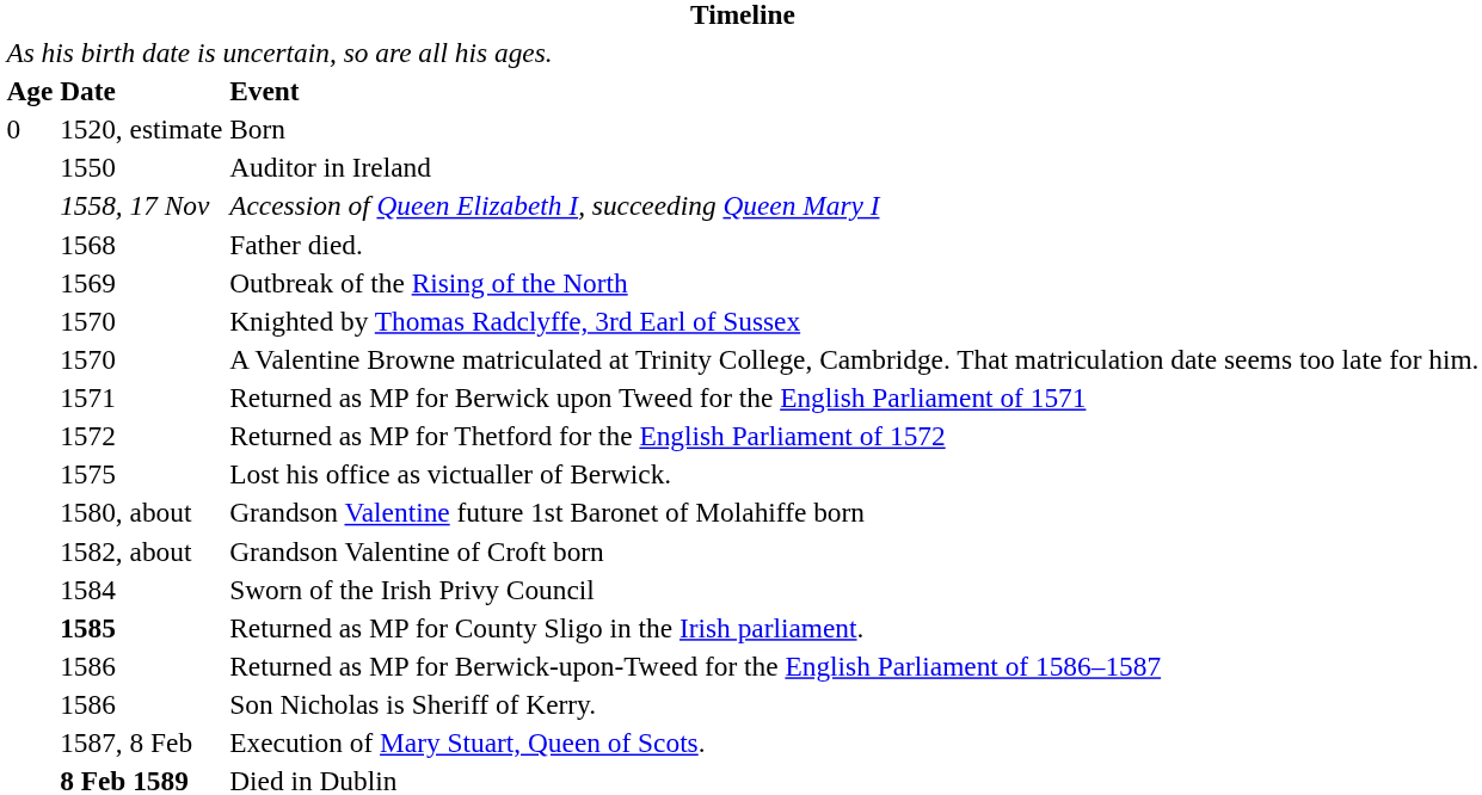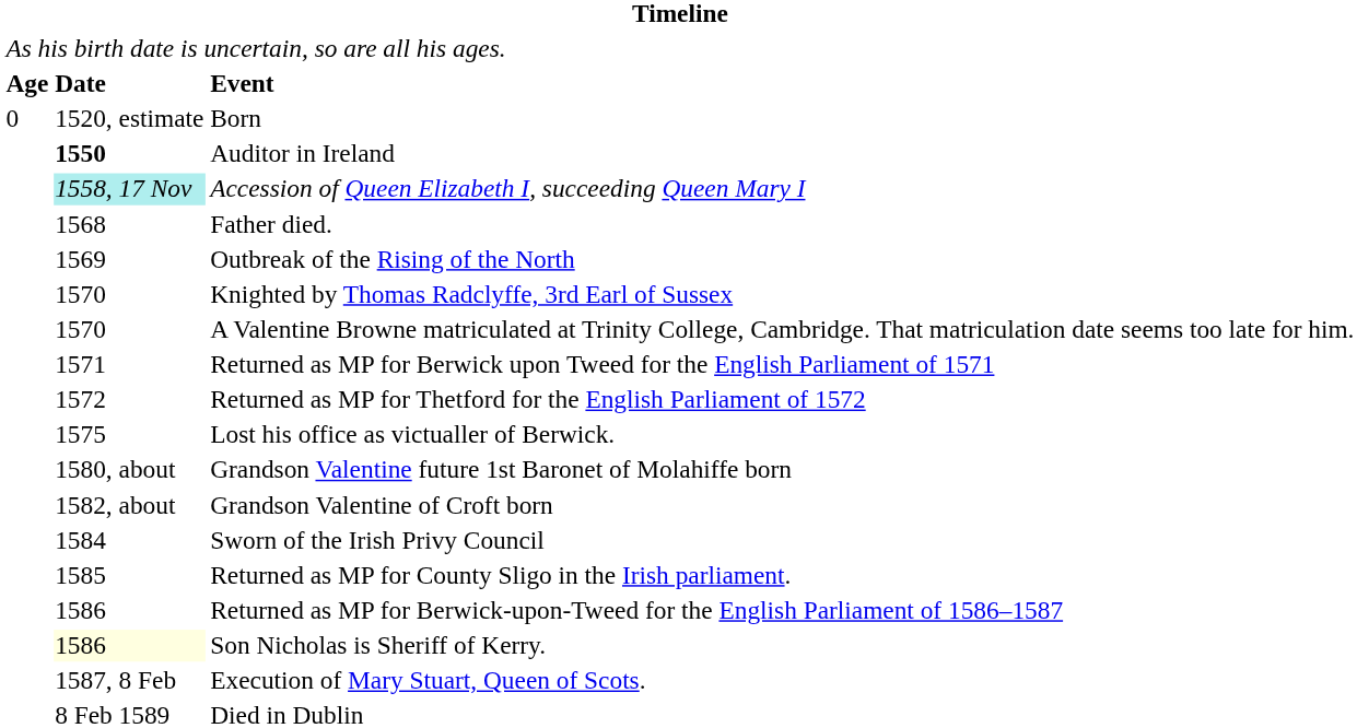 <table>
 <tr>
 <th colspan=3>Timeline</th>
 </tr>
 <tr>
 <td colspan=3><em>As his birth date is uncertain, so are all his ages.</em></td>
 </tr>
 <tr>
 <th align=left>Age</th>
 <th align=left>Date</th>
 <th align=left>Event</th>
 </tr>
 <tr>
 <td>0</td>
 <td>1520, estimate</td>
 <td>Born</td>
 </tr>
 <tr>
 <td></td>
-<td>1550</td>
+<td><strong>1550</strong></td>
 <td>Auditor in Ireland</td>
 </tr>
 <tr>
 <td></td>
-<td><em>1558, 17 Nov</em></td>
+<td style="background: paleturquoise;"><em>1558, 17 Nov</em></td>
 <td><em>Accession of <a href='#'>Queen Elizabeth I</a>, succeeding <a href='#'>Queen Mary I</a></em></td>
 </tr>
 <tr>
 <td></td>
 <td>1568</td>
 <td>Father died.</td>
 </tr>
 <tr>
 <td></td>
 <td>1569</td>
 <td>Outbreak of the <a href='#'>Rising of the North</a></td>
 </tr>
 <tr>
 <td></td>
 <td>1570</td>
 <td>Knighted by <a href='#'>Thomas Radclyffe, 3rd Earl of Sussex</a></td>
 </tr>
 <tr>
 <td></td>
 <td>1570</td>
 <td>A Valentine Browne matriculated at Trinity College, Cambridge. That matriculation date seems too late for him.</td>
 </tr>
 <tr>
 <td></td>
 <td>1571</td>
 <td>Returned as MP for Berwick upon Tweed for the <a href='#'>English Parliament of 1571</a></td>
 </tr>
 <tr>
 <td></td>
 <td>1572</td>
 <td>Returned as MP for Thetford for the <a href='#'>English Parliament of 1572</a></td>
 </tr>
 <tr>
 <td></td>
 <td>1575</td>
 <td>Lost his office as victualler of Berwick.</td>
 </tr>
 <tr>
 <td></td>
 <td>1580, about</td>
 <td>Grandson <a href='#'>Valentine</a> future 1st Baronet of Molahiffe born</td>
 </tr>
 <tr>
 <td></td>
 <td>1582, about</td>
 <td>Grandson Valentine of Croft born</td>
 </tr>
 <tr>
 <td></td>
 <td>1584</td>
 <td>Sworn of the Irish Privy Council</td>
 </tr>
 <tr>
 <td></td>
-<td><strong>1585</strong></td>
+<td>1585</td>
 <td>Returned as MP for County Sligo in the <a href='#'>Irish parliament</a>.</td>
 </tr>
 <tr>
 <td></td>
 <td>1586</td>
 <td>Returned as MP for Berwick-upon-Tweed for the <a href='#'>English Parliament of 1586–1587</a></td>
 </tr>
 <tr>
 <td></td>
-<td>1586</td>
+<td style="background: lightyellow;">1586</td>
 <td>Son Nicholas is Sheriff of Kerry.</td>
 </tr>
 <tr>
 <td></td>
 <td>1587, 8 Feb</td>
 <td>Execution of <a href='#'>Mary Stuart, Queen of Scots</a>.</td>
 </tr>
 <tr>
 <td></td>
-<td><strong>8 Feb 1589</strong></td>
+<td>8 Feb 1589</td>
 <td>Died in Dublin</td>
 </tr>
 </table>
